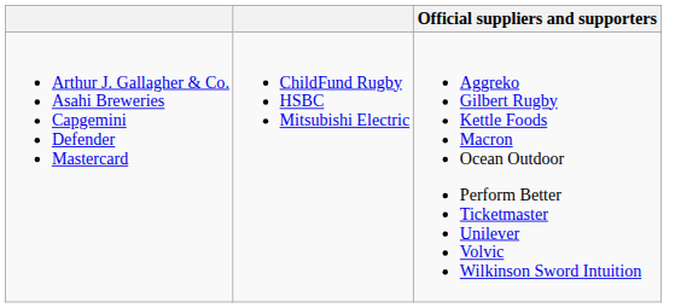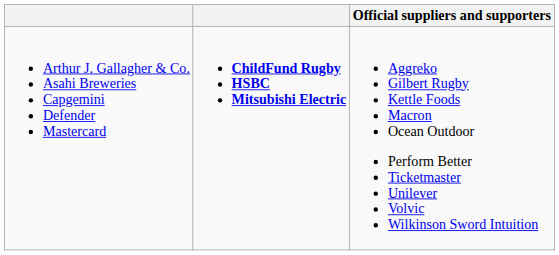 <table class="wikitable">
 <tr>
 <th></th>
 <th></th>
 <th>Official suppliers and supporters</th>
 </tr>
 <tr>
 <td style="vertical-align:top"><br><ul><li><a href='#'>Arthur J. Gallagher & Co.</a></li><li><a href='#'>Asahi Breweries</a></li><li><a href='#'>Capgemini</a></li><li><a href='#'>Defender</a></li><li><a href='#'>Mastercard</a></li></ul></td>
-<td style="vertical-align:top;"><br> <ul><li><a href='#'>ChildFund Rugby</a></li><li><a href='#'>HSBC</a></li><li><a href='#'>Mitsubishi Electric</a></li></ul></td>
+<td style="vertical-align:top;"><strong><br> <ul><li><a href='#'>ChildFund Rugby</a></li><li><a href='#'>HSBC</a></li><li><a href='#'>Mitsubishi Electric</a></li></ul></strong></td>
 <td style="vertical-align:top;"><br> <ul><li><a href='#'>Aggreko</a></li><li><a href='#'>Gilbert Rugby</a></li><li><a href='#'>Kettle Foods</a></li><li><a href='#'>Macron</a></li><li>Ocean Outdoor</li></ul><ul><li>Perform Better</li><li><a href='#'>Ticketmaster</a></li><li><a href='#'>Unilever</a></li><li><a href='#'>Volvic</a></li><li><a href='#'>Wilkinson Sword Intuition</a></li></ul></td>
 </tr>
 </table>
